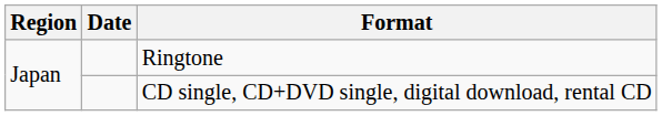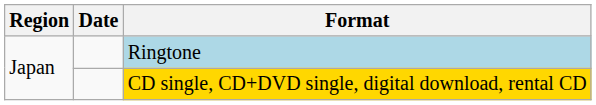 <table class="wikitable">
 <tr>
 <th>Region</th>
 <th>Date</th>
 <th>Format</th>
 </tr>
 <tr>
 <td rowspan="2">Japan</td>
 <td></td>
-<td>Ringtone</td>
+<td style="background: lightblue;">Ringtone</td>
 </tr>
 <tr>
 <td></td>
-<td>CD single, CD+DVD single, digital download, rental CD</td>
+<td style="background: gold;">CD single, CD+DVD single, digital download, rental CD</td>
 </tr>
 </table>
